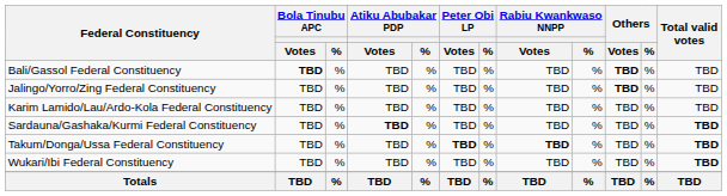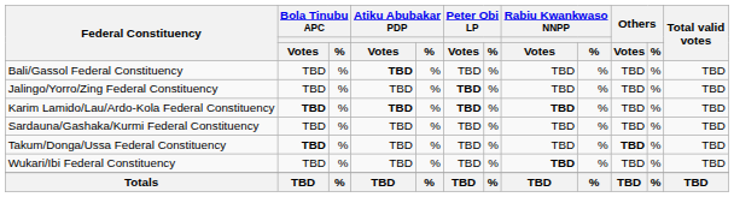 <table class="wikitable sortable" style="text-align:right; font-size:90%">
 <tr>
 <th rowspan="3" style="max-width:7.5em;">Federal Constituency</th>
 <th colspan="2"><a href='#'>Bola Tinubu</a><br><small>APC</small></th>
 <th colspan="2"><a href='#'>Atiku Abubakar</a><br><small>PDP</small></th>
 <th colspan="2"><a href='#'>Peter Obi</a><br><small>LP</small></th>
 <th colspan="2"><a href='#'>Rabiu Kwankwaso</a><br><small>NNPP</small></th>
 <th colspan="2" rowspan="2">Others</th>
 <th rowspan="3" style="max-width:5em;">Total valid votes</th>
 </tr>
 <tr>
 <th colspan=2 style="background-color:"></th>
 <th colspan=2 style="background-color:"></th>
 <th colspan=2 style="background-color:"></th>
 <th colspan=2 style="background-color:"></th>
 </tr>
 <tr>
 <th>Votes</th>
 <th>%</th>
 <th>Votes</th>
 <th>%</th>
 <th>Votes</th>
 <th>%</th>
 <th>Votes</th>
 <th>%</th>
 <th>Votes</th>
 <th>%</th>
 </tr>
 <tr style="background-color:#">
 <td style="text-align:left;">Bali/Gassol Federal Constituency</td>
+<td>TBD</td>
+<td>%</td>
+<td><strong>TBD</strong></td>
+<td>%</td>
+<td>TBD</td>
+<td>%</td>
+<td>TBD</td>
+<td>%</td>
+<td>TBD</td>
+<td>%</td>
+<td>TBD</td>
+</tr>
+<tr style="background-color:#">
+<td style="text-align:left;">Jalingo/Yorro/Zing Federal Constituency</td>
+<td>TBD</td>
+<td>%</td>
+<td>TBD</td>
+<td>%</td>
+<td><strong>TBD</strong></td>
+<td>%</td>
+<td>TBD</td>
+<td>%</td>
+<td>TBD</td>
+<td>%</td>
+<td>TBD</td>
+</tr>
+<tr style="background-color:#">
+<td style="text-align:left;">Karim Lamido/Lau/Ardo-Kola Federal Constituency</td>
+<td><strong>TBD</strong></td>
+<td>%</td>
+<td><strong>TBD</strong></td>
+<td>%</td>
+<td><strong>TBD</strong></td>
+<td>%</td>
+<td><strong>TBD</strong></td>
+<td>%</td>
+<td>TBD</td>
+<td>%</td>
+<td>TBD</td>
+</tr>
+<tr style="background-color:#">
+<td style="text-align:left;">Sardauna/Gashaka/Kurmi Federal Constituency</td>
+<td>TBD</td>
+<td>%</td>
+<td>TBD</td>
+<td>%</td>
+<td>TBD</td>
+<td>%</td>
+<td>TBD</td>
+<td>%</td>
+<td>TBD</td>
+<td>%</td>
+<td>TBD</td>
+</tr>
+<tr style="background-color:#">
+<td style="text-align:left;">Takum/Donga/Ussa Federal Constituency</td>
 <td><strong>TBD</strong></td>
 <td>%</td>
 <td>TBD</td>
 <td>%</td>
 <td>TBD</td>
 <td>%</td>
 <td>TBD</td>
 <td>%</td>
 <td><strong>TBD</strong></td>
 <td>%</td>
 <td>TBD</td>
 </tr>
 <tr style="background-color:#">
-<td style="text-align:left;">Jalingo/Yorro/Zing Federal Constituency</td>
-<td>TBD</td>
-<td>%</td>
+<td style="text-align:left;">Wukari/Ibi Federal Constituency</td>
 <td>TBD</td>
 <td>%</td>
 <td>TBD</td>
 <td>%</td>
 <td>TBD</td>
 <td>%</td>
 <td><strong>TBD</strong></td>
 <td>%</td>
 <td>TBD</td>
-</tr>
-<tr style="background-color:#">
-<td style="text-align:left;">Karim Lamido/Lau/Ardo-Kola Federal Constituency</td>
-<td>TBD</td>
 <td>%</td>
 <td>TBD</td>
-<td>%</td>
-<td>TBD</td>
-<td>%</td>
-<td>TBD</td>
-<td>%</td>
-<td>TBD</td>
-<td>%</td>
-<td>TBD</td>
-</tr>
-<tr style="background-color:#">
-<td style="text-align:left;">Sardauna/Gashaka/Kurmi Federal Constituency</td>
-<td>TBD</td>
-<td>%</td>
-<td><strong>TBD</strong></td>
-<td>%</td>
-<td>TBD</td>
-<td>%</td>
-<td>TBD</td>
-<td>%</td>
-<td>TBD</td>
-<td>%</td>
-<td><strong>TBD</strong></td>
-</tr>
-<tr style="background-color:#">
-<td style="text-align:left;">Takum/Donga/Ussa Federal Constituency</td>
-<td>TBD</td>
-<td>%</td>
-<td>TBD</td>
-<td>%</td>
-<td><strong>TBD</strong></td>
-<td>%</td>
-<td><strong>TBD</strong></td>
-<td>%</td>
-<td>TBD</td>
-<td>%</td>
-<td><strong>TBD</strong></td>
-</tr>
-<tr style="background-color:#">
-<td style="text-align:left;">Wukari/Ibi Federal Constituency</td>
-<td>TBD</td>
-<td>%</td>
-<td>TBD</td>
-<td>%</td>
-<td>TBD</td>
-<td>%</td>
-<td>TBD</td>
-<td>%</td>
-<td>TBD</td>
-<td>%</td>
-<td><strong>TBD</strong></td>
 </tr>
 <tr>
 </tr>
 <tr>
 <th>Totals</th>
 <th>TBD</th>
 <th>%</th>
 <th>TBD</th>
 <th>%</th>
 <th>TBD</th>
 <th>%</th>
 <th>TBD</th>
 <th>%</th>
 <th>TBD</th>
 <th>%</th>
 <th>TBD</th>
 </tr>
 </table>
